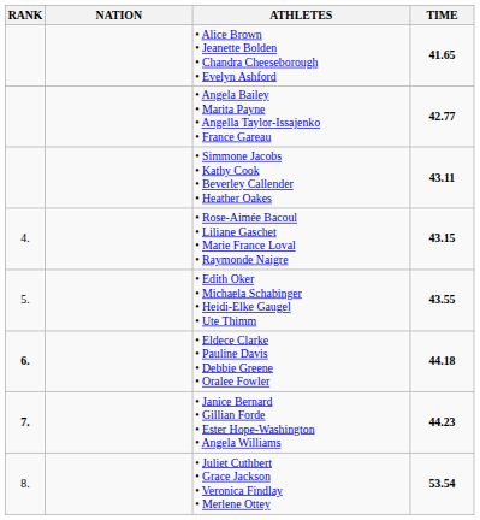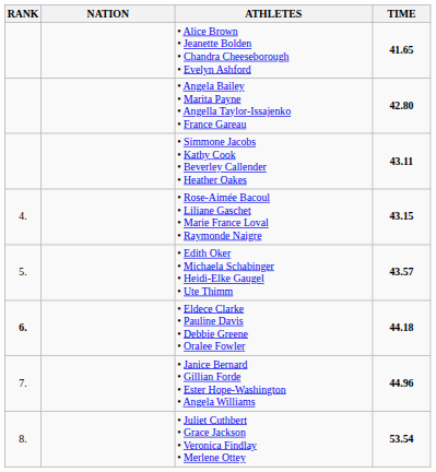 <table class="wikitable" style="border-collapse: collapse; font-size: 90%;">
 <tr>
 <th>RANK</th>
 <th style="width: 12em">NATION</th>
 <th style="width: 18em">ATHLETES</th>
 <th style="width: 5em">TIME</th>
 </tr>
 <tr>
 <td align="center"></td>
 <td align="center"></td>
 <td>• <a href='#'>Alice Brown</a><br>• <a href='#'>Jeanette Bolden</a><br>• <a href='#'>Chandra Cheeseborough</a><br>• <a href='#'>Evelyn Ashford</a></td>
 <td align="center"><strong>41.65</strong></td>
 </tr>
 <tr>
 <td align="center"></td>
 <td align="center"></td>
 <td>• <a href='#'>Angela Bailey</a><br>• <a href='#'>Marita Payne</a><br>• <a href='#'>Angella Taylor-Issajenko</a><br>• <a href='#'>France Gareau</a></td>
-<td align="center"><strong>42.77</strong></td>
+<td align="center"><strong>42.80</strong></td>
 </tr>
 <tr>
 <td align="center"></td>
 <td align="center"></td>
 <td>• <a href='#'>Simmone Jacobs</a><br>• <a href='#'>Kathy Cook</a><br>• <a href='#'>Beverley Callender</a><br>• <a href='#'>Heather Oakes</a></td>
 <td align="center"><strong>43.11</strong></td>
 </tr>
 <tr>
 <td align="center">4.</td>
 <td align="center"></td>
 <td>• <a href='#'>Rose-Aimée Bacoul</a><br>• <a href='#'>Liliane Gaschet</a><br>• <a href='#'>Marie France Loval</a><br>• <a href='#'>Raymonde Naigre</a></td>
 <td align="center"><strong>43.15</strong></td>
 </tr>
 <tr>
 <td align="center">5.</td>
 <td align="center"></td>
 <td>• <a href='#'>Edith Oker</a><br>• <a href='#'>Michaela Schabinger</a><br>• <a href='#'>Heidi-Elke Gaugel</a><br>• <a href='#'>Ute Thimm</a></td>
-<td align="center"><strong>43.55</strong></td>
+<td align="center"><strong>43.57</strong></td>
 </tr>
 <tr>
 <td align="center"><strong>6.</strong></td>
 <td align="center"></td>
 <td>• <a href='#'>Eldece Clarke</a><br>• <a href='#'>Pauline Davis</a><br>• <a href='#'>Debbie Greene</a><br>• <a href='#'>Oralee Fowler</a></td>
 <td align="center"><strong>44.18</strong></td>
 </tr>
 <tr>
-<td align="center"><strong>7.</strong></td>
+<td align="center">7.</td>
 <td align="center"></td>
 <td>• <a href='#'>Janice Bernard</a><br>• <a href='#'>Gillian Forde</a><br>• <a href='#'>Ester Hope-Washington</a><br>• <a href='#'>Angela Williams</a></td>
-<td align="center"><strong>44.23</strong></td>
+<td align="center"><strong>44.96</strong></td>
 </tr>
 <tr>
 <td align="center">8.</td>
 <td align="center"></td>
 <td>• <a href='#'>Juliet Cuthbert</a><br>• <a href='#'>Grace Jackson</a><br>• <a href='#'>Veronica Findlay</a><br>• <a href='#'>Merlene Ottey</a></td>
 <td align="center"><strong>53.54</strong></td>
 </tr>
 </table>
